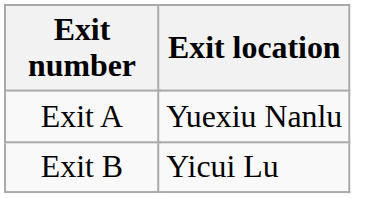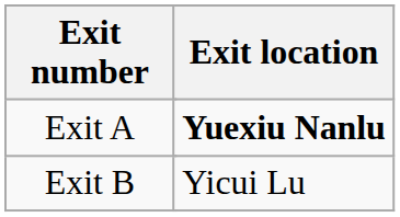 <table class="wikitable">
 <tr>
 <th style="width:70px" colspan="2">Exit number</th>
 <th>Exit location</th>
 </tr>
 <tr>
 <td align="center" colspan="2">Exit A</td>
-<td>Yuexiu Nanlu</td>
+<td><strong>Yuexiu Nanlu</strong></td>
 </tr>
 <tr>
 <td align="center" colspan="2">Exit B</td>
 <td>Yicui Lu</td>
 </tr>
 </table>
